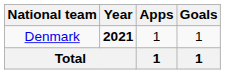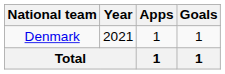 <table class=wikitable style=text-align:center>
 <tr>
 <th>National team</th>
 <th>Year</th>
 <th>Apps</th>
 <th>Goals</th>
 </tr>
 <tr>
 <td><a href='#'>Denmark</a></td>
-<td><strong>2021</strong></td>
+<td>2021</td>
 <td>1</td>
 <td>1</td>
 </tr>
 <tr>
 <th colspan="2">Total</th>
 <th>1</th>
 <th>1</th>
 </tr>
 </table>
